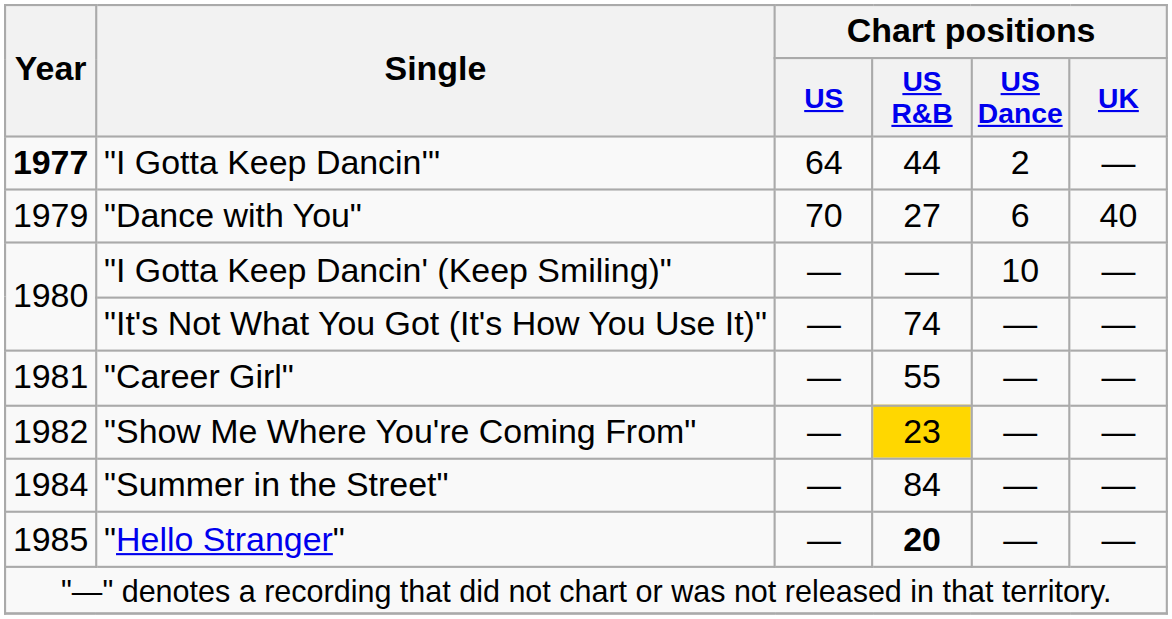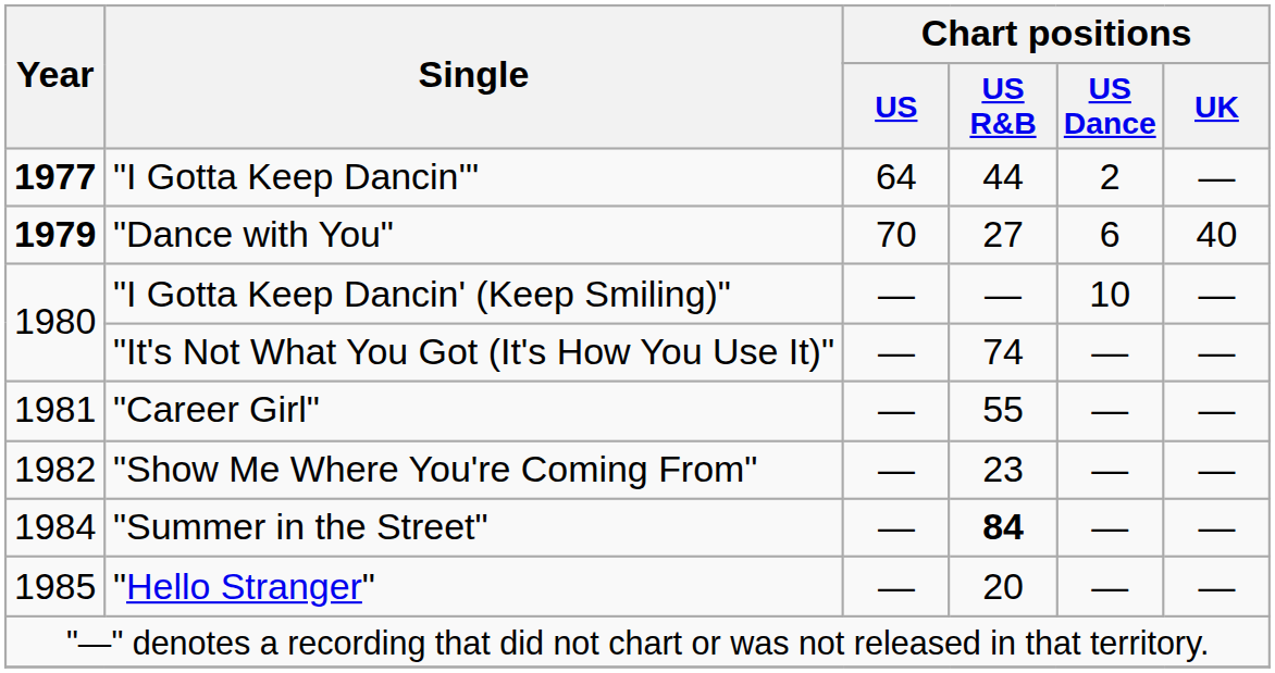 <table class="wikitable" style="text-align:center;">
 <tr>
 <th rowspan="2">Year</th>
 <th rowspan="2">Single</th>
 <th colspan="4">Chart positions</th>
 </tr>
 <tr style="font-size:smaller;">
 <th width="40"><a href='#'>US</a><br></th>
 <th width="40"><a href='#'>US<br>R&B</a><br></th>
 <th width="40"><a href='#'>US<br>Dance</a><br></th>
 <th width="40"><a href='#'>UK</a><br></th>
 </tr>
 <tr>
 <td rowspan="1"><strong>1977</strong></td>
 <td align="left">"I Gotta Keep Dancin'"</td>
 <td>64</td>
 <td>44</td>
 <td>2</td>
 <td>—</td>
 </tr>
 <tr>
-<td rowspan="1">1979</td>
+<td rowspan="1"><strong>1979</strong></td>
 <td align="left">"Dance with You"</td>
 <td>70</td>
 <td>27</td>
 <td>6</td>
 <td>40</td>
 </tr>
 <tr>
 <td rowspan="2">1980</td>
 <td align="left">"I Gotta Keep Dancin' (Keep Smiling)"</td>
 <td>—</td>
 <td>—</td>
 <td>10</td>
 <td>—</td>
 </tr>
 <tr>
 <td align="left">"It's Not What You Got (It's How You Use It)"</td>
 <td>—</td>
 <td>74</td>
 <td>—</td>
 <td>—</td>
 </tr>
 <tr>
 <td rowspan="1">1981</td>
 <td align="left">"Career Girl"</td>
 <td>—</td>
 <td>55</td>
 <td>—</td>
 <td>—</td>
 </tr>
 <tr>
 <td rowspan="1">1982</td>
 <td align="left">"Show Me Where You're Coming From"</td>
 <td>—</td>
-<td style="background: gold;">23</td>
+<td>23</td>
 <td>—</td>
 <td>—</td>
 </tr>
 <tr>
 <td rowspan="1">1984</td>
 <td align="left">"Summer in the Street"</td>
 <td>—</td>
-<td>84</td>
+<td><strong>84</strong></td>
 <td>—</td>
 <td>—</td>
 </tr>
 <tr>
 <td rowspan="1">1985</td>
 <td align="left">"<a href='#'>Hello Stranger</a>"</td>
 <td>—</td>
-<td><strong>20</strong></td>
+<td>20</td>
 <td>—</td>
 <td>—</td>
 </tr>
 <tr>
 <td colspan="6" style="font-size:90%">"—" denotes a recording that did not chart or was not released in that territory.</td>
 </tr>
 <tr>
 </tr>
 </table>
